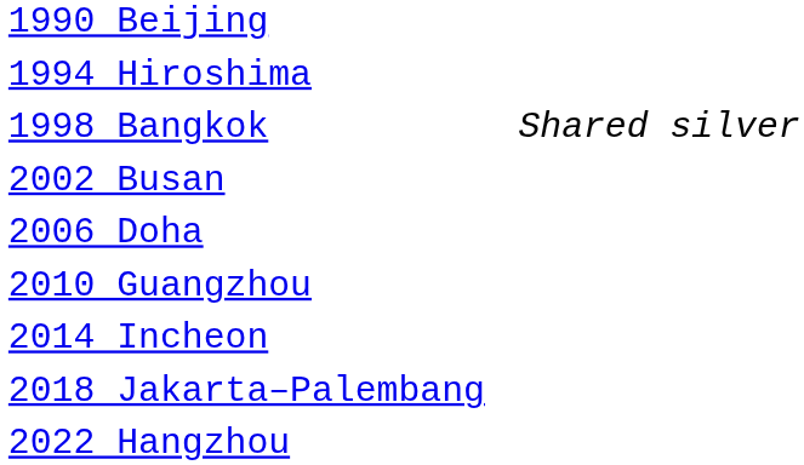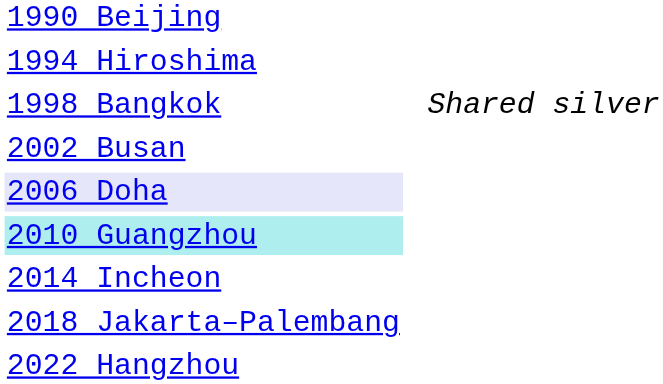 <table>
 <tr>
 <td><a href='#'>1990 Beijing</a></td>
 <td></td>
 <td></td>
 <td></td>
 </tr>
 <tr>
 <td><a href='#'>1994 Hiroshima</a></td>
 <td></td>
 <td></td>
 <td></td>
 </tr>
 <tr>
 <td rowspan=2><a href='#'>1998 Bangkok</a></td>
 <td rowspan=2></td>
 <td></td>
 <td rowspan=2><em>Shared silver</em></td>
 </tr>
 <tr>
 <td></td>
 </tr>
 <tr>
 <td><a href='#'>2002 Busan</a></td>
 <td></td>
 <td></td>
 <td></td>
 </tr>
 <tr>
-<td><a href='#'>2006 Doha</a></td>
+<td style="background: lavender;"><a href='#'>2006 Doha</a></td>
 <td></td>
 <td></td>
 <td></td>
 </tr>
 <tr>
-<td><a href='#'>2010 Guangzhou</a></td>
+<td style="background: paleturquoise;"><a href='#'>2010 Guangzhou</a></td>
 <td></td>
 <td></td>
 <td></td>
 </tr>
 <tr>
 <td><a href='#'>2014 Incheon</a></td>
 <td></td>
 <td></td>
 <td></td>
 </tr>
 <tr>
 <td><a href='#'>2018 Jakarta–Palembang</a></td>
 <td></td>
 <td></td>
 <td></td>
 </tr>
 <tr>
 <td><a href='#'>2022 Hangzhou</a></td>
 <td></td>
 <td></td>
 <td></td>
 </tr>
 </table>
